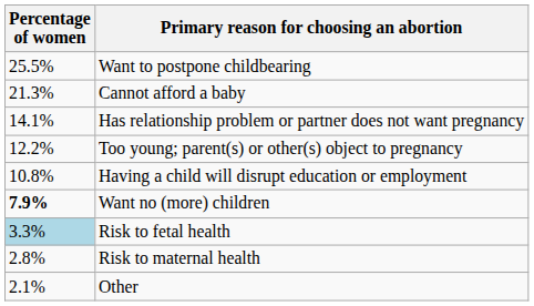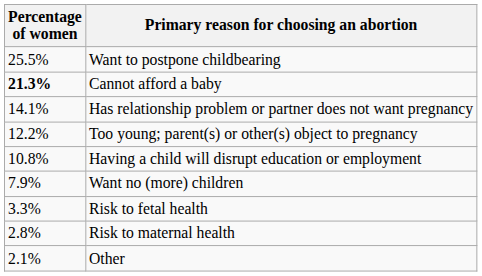 <table class="wikitable">
 <tr>
 <th>Percentage<br>of women</th>
 <th>Primary reason for choosing an abortion</th>
 </tr>
 <tr>
 <td>25.5%</td>
 <td>Want to postpone childbearing</td>
 </tr>
 <tr>
-<td>21.3%</td>
+<td><strong>21.3%</strong></td>
 <td>Cannot afford a baby</td>
 </tr>
 <tr>
 <td>14.1%</td>
 <td>Has relationship problem or partner does not want pregnancy</td>
 </tr>
 <tr>
 <td>12.2%</td>
 <td>Too young; parent(s) or other(s) object to pregnancy</td>
 </tr>
 <tr>
 <td>10.8%</td>
 <td>Having a child will disrupt education or employment</td>
 </tr>
 <tr>
-<td><strong>7.9%</strong></td>
+<td>7.9%</td>
 <td>Want no (more) children</td>
 </tr>
 <tr>
-<td style="background: lightblue;">3.3%</td>
+<td>3.3%</td>
 <td>Risk to fetal health</td>
 </tr>
 <tr>
 <td>2.8%</td>
 <td>Risk to maternal health</td>
 </tr>
 <tr>
 <td>2.1%</td>
 <td>Other</td>
 </tr>
 </table>
